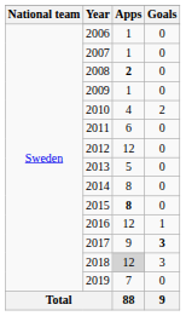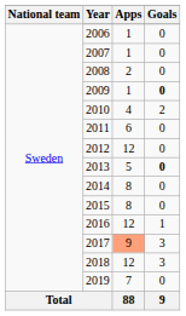 <table class="wikitable" style="text-align:center">
 <tr>
 </tr>
 <tr>
 <th>National team</th>
 <th>Year</th>
 <th>Apps</th>
 <th>Goals</th>
 </tr>
 <tr>
 <td rowspan="15"><a href='#'>Sweden</a></td>
 </tr>
 <tr>
 <td>2006</td>
 <td>1</td>
 <td>0</td>
 </tr>
 <tr>
 <td>2007</td>
 <td>1</td>
 <td>0</td>
 </tr>
 <tr>
 <td>2008</td>
-<td><strong>2</strong></td>
+<td>2</td>
 <td>0</td>
 </tr>
 <tr>
 <td>2009</td>
 <td>1</td>
-<td>0</td>
+<td><strong>0</strong></td>
 </tr>
 <tr>
 <td>2010</td>
 <td>4</td>
 <td>2</td>
 </tr>
 <tr>
 <td>2011</td>
 <td>6</td>
 <td>0</td>
 </tr>
 <tr>
 <td>2012</td>
 <td>12</td>
 <td>0</td>
 </tr>
 <tr>
 <td>2013</td>
 <td>5</td>
-<td>0</td>
+<td><strong>0</strong></td>
 </tr>
 <tr>
 <td>2014</td>
 <td>8</td>
 <td>0</td>
 </tr>
 <tr>
 <td>2015</td>
-<td><strong>8</strong></td>
+<td>8</td>
 <td>0</td>
 </tr>
 <tr>
 <td>2016</td>
 <td>12</td>
 <td>1</td>
 </tr>
 <tr>
 <td>2017</td>
-<td>9</td>
-<td><strong>3</strong></td>
+<td style="background: lightsalmon;">9</td>
+<td>3</td>
 </tr>
 <tr>
 <td>2018</td>
-<td style="background: lightgrey;">12</td>
+<td>12</td>
 <td>3</td>
 </tr>
 <tr>
 <td>2019</td>
 <td>7</td>
 <td>0</td>
 </tr>
 <tr>
 <th colspan=2>Total</th>
 <th>88</th>
 <th>9</th>
 </tr>
 </table>
